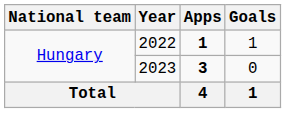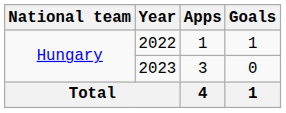 <table class=wikitable style="text-align: center">
 <tr>
 <th>National team</th>
 <th>Year</th>
 <th>Apps</th>
 <th>Goals</th>
 </tr>
 <tr>
 <td rowspan="2"><a href='#'>Hungary</a></td>
 <td>2022</td>
-<td><strong>1</strong></td>
+<td>1</td>
 <td>1</td>
 </tr>
 <tr>
 <td>2023</td>
-<td><strong>3</strong></td>
+<td>3</td>
 <td>0</td>
 </tr>
 <tr>
 <th colspan="2">Total</th>
 <th>4</th>
 <th>1</th>
 </tr>
 </table>
